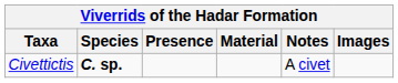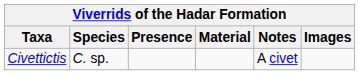 <table class="wikitable" align="center">
 <tr>
 <th colspan="6" align="center"><strong><a href='#'>Viverrids</a></strong> of the Hadar Formation</th>
 </tr>
 <tr>
 <th>Taxa</th>
 <th>Species</th>
 <th>Presence</th>
 <th>Material</th>
 <th>Notes</th>
 <th>Images</th>
 </tr>
 <tr>
 <td><em><a href='#'>Civettictis</a></em></td>
-<td><strong><em>C.</em> sp.</strong></td>
+<td><em>C.</em> sp.</td>
 <td></td>
 <td></td>
 <td>A <a href='#'>civet</a></td>
 <td></td>
 </tr>
 </table>
